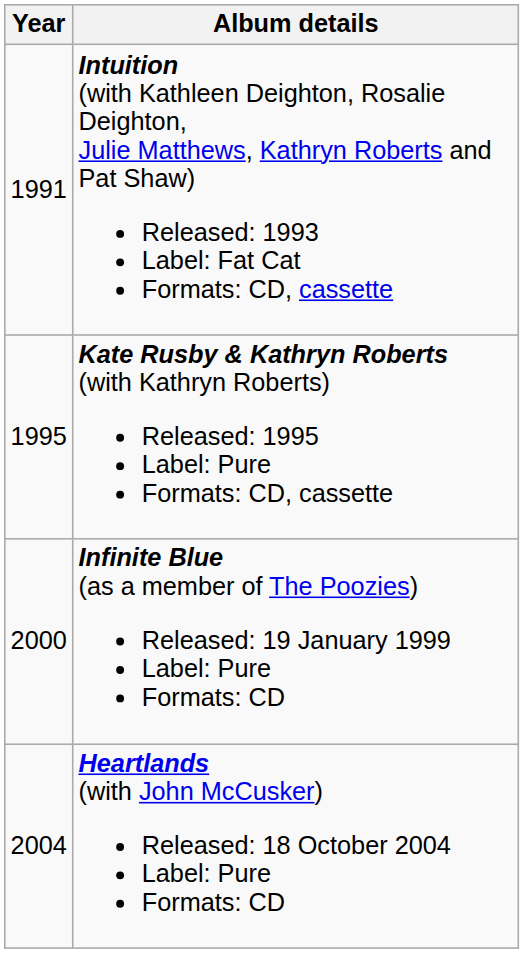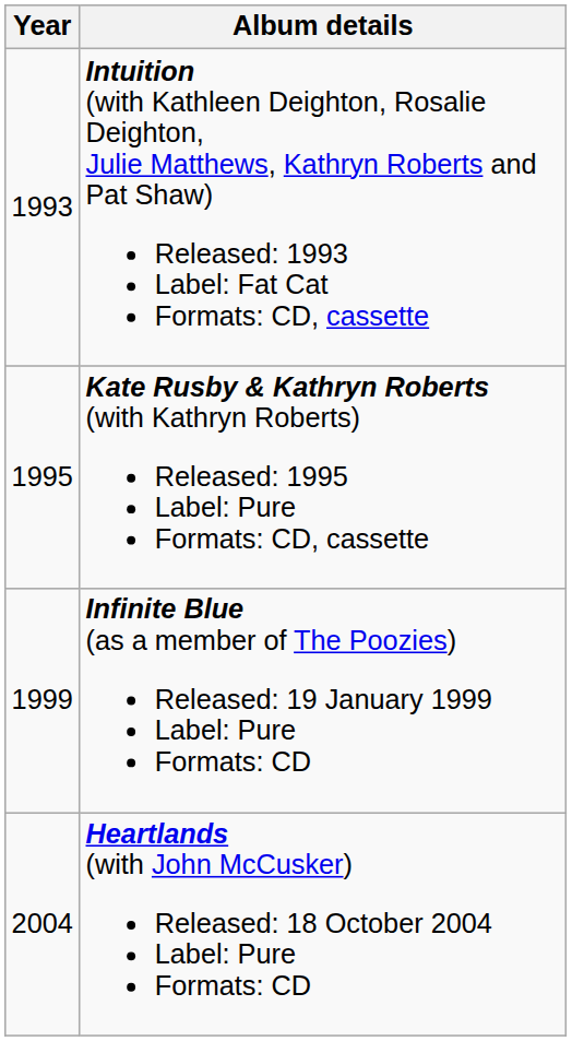 <table class="wikitable">
 <tr>
 <th width="33">Year</th>
 <th width="275">Album details</th>
 </tr>
 <tr>
-<td align=center>1991</td>
+<td align=center>1993</td>
 <td><strong><em>Intuition</em></strong><br>(with Kathleen Deighton, Rosalie Deighton,<br><a href='#'>Julie Matthews</a>, <a href='#'>Kathryn Roberts</a> and Pat Shaw)<br><ul><li>Released: 1993</li><li>Label: Fat Cat</li><li>Formats: CD, <a href='#'>cassette</a></li></ul></td>
 </tr>
 <tr>
 <td align=center>1995</td>
 <td><strong><em>Kate Rusby & Kathryn Roberts</em></strong><br>(with Kathryn Roberts)<br><ul><li>Released: 1995</li><li>Label: Pure</li><li>Formats: CD, cassette</li></ul></td>
 </tr>
 <tr>
-<td align=center>2000</td>
+<td align=center>1999</td>
 <td><strong><em>Infinite Blue</em></strong><br>(as a member of <a href='#'>The Poozies</a>)<br><ul><li>Released: 19 January 1999</li><li>Label: Pure</li><li>Formats: CD</li></ul></td>
 </tr>
 <tr>
 <td align=center>2004</td>
 <td><strong><em><a href='#'>Heartlands</a></em></strong><br>(with <a href='#'>John McCusker</a>)<br><ul><li>Released: 18 October 2004</li><li>Label: Pure</li><li>Formats: CD</li></ul></td>
 </tr>
 </table>
